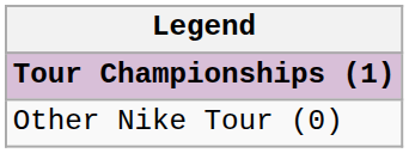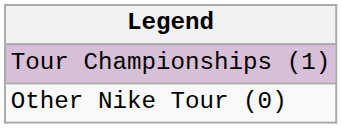 <table class="wikitable" style="font-size:95%;">
 <tr>
 <th>Legend</th>
 </tr>
 <tr style="background:thistle;">
-<td><strong>Tour Championships (1)</strong></td>
+<td>Tour Championships (1)</td>
 </tr>
 <tr>
 <td>Other Nike Tour (0)</td>
 </tr>
 </table>
